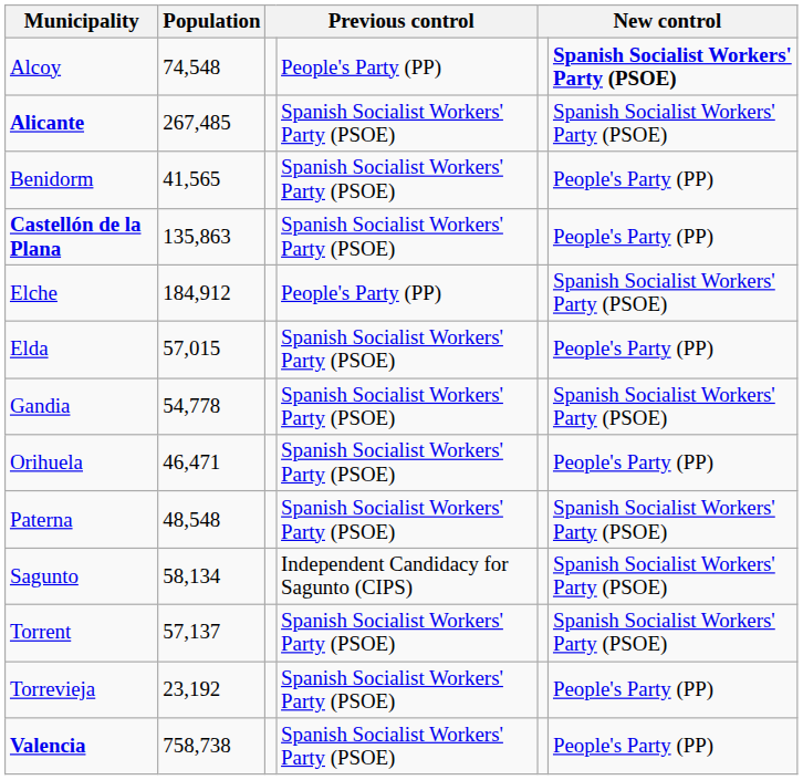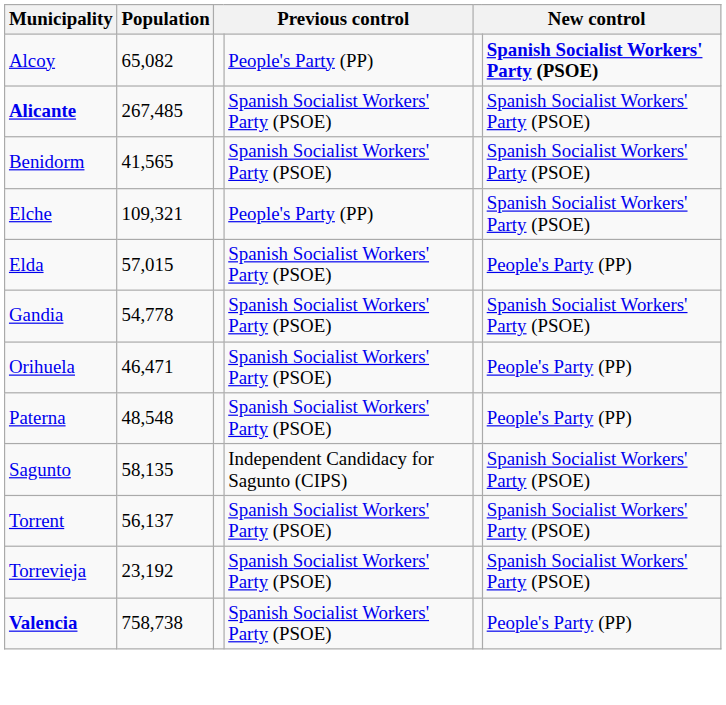 <table class="wikitable sortable">
 <tr>
 <th>Municipality</th>
 <th>Population</th>
 <th colspan="2" style="width:375px;">Previous control</th>
 <th colspan="2" style="width:375px;">New control</th>
 </tr>
 <tr>
 <td><a href='#'>Alcoy</a></td>
-<td>74,548</td>
+<td>65,082</td>
 <td width="1" style="color:inherit;background:"></td>
 <td><a href='#'>People's Party</a> (PP)</td>
 <td width="1" style="color:inherit;background:"></td>
 <td><strong><a href='#'>Spanish Socialist Workers' Party</a> (PSOE)</strong></td>
 </tr>
 <tr>
 <td><strong><a href='#'>Alicante</a></strong></td>
 <td>267,485</td>
 <td style="color:inherit;background:"></td>
 <td><a href='#'>Spanish Socialist Workers' Party</a> (PSOE)</td>
 <td style="color:inherit;background:"></td>
 <td><a href='#'>Spanish Socialist Workers' Party</a> (PSOE)</td>
 </tr>
 <tr>
 <td><a href='#'>Benidorm</a></td>
 <td>41,565</td>
 <td style="color:inherit;background:"></td>
 <td><a href='#'>Spanish Socialist Workers' Party</a> (PSOE)</td>
 <td style="color:inherit;background:"></td>
-<td><a href='#'>People's Party</a> (PP)</td>
-</tr>
-<tr>
-<td><strong><a href='#'>Castellón de la Plana</a></strong></td>
-<td>135,863</td>
-<td style="color:inherit;background:"></td>
-<td><a href='#'>Spanish Socialist Workers' Party</a> (PSOE)</td>
-<td style="color:inherit;background:"></td>
-<td><a href='#'>People's Party</a> (PP)</td>
+<td><a href='#'>Spanish Socialist Workers' Party</a> (PSOE) </td>
 </tr>
 <tr>
 <td><a href='#'>Elche</a></td>
-<td>184,912</td>
+<td>109,321</td>
 <td style="color:inherit;background:"></td>
 <td><a href='#'>People's Party</a> (PP)</td>
 <td style="color:inherit;background:"></td>
 <td><a href='#'>Spanish Socialist Workers' Party</a> (PSOE)</td>
 </tr>
 <tr>
 <td><a href='#'>Elda</a></td>
 <td>57,015</td>
 <td style="color:inherit;background:"></td>
 <td><a href='#'>Spanish Socialist Workers' Party</a> (PSOE)</td>
 <td style="color:inherit;background:"></td>
 <td><a href='#'>People's Party</a> (PP)</td>
 </tr>
 <tr>
 <td><a href='#'>Gandia</a></td>
 <td>54,778</td>
 <td style="color:inherit;background:"></td>
 <td><a href='#'>Spanish Socialist Workers' Party</a> (PSOE)</td>
 <td style="color:inherit;background:"></td>
 <td><a href='#'>Spanish Socialist Workers' Party</a> (PSOE)</td>
 </tr>
 <tr>
 <td><a href='#'>Orihuela</a></td>
 <td>46,471</td>
 <td style="color:inherit;background:"></td>
 <td><a href='#'>Spanish Socialist Workers' Party</a> (PSOE)</td>
 <td style="color:inherit;background:"></td>
 <td><a href='#'>People's Party</a> (PP)</td>
 </tr>
 <tr>
 <td><a href='#'>Paterna</a></td>
 <td>48,548</td>
 <td style="color:inherit;background:"></td>
 <td><a href='#'>Spanish Socialist Workers' Party</a> (PSOE)</td>
 <td style="color:inherit;background:"></td>
-<td><a href='#'>Spanish Socialist Workers' Party</a> (PSOE)</td>
+<td><a href='#'>People's Party</a> (PP)</td>
 </tr>
 <tr>
 <td><a href='#'>Sagunto</a></td>
-<td>58,134</td>
+<td>58,135</td>
 <td style="color:inherit;background:"></td>
 <td>Independent Candidacy for Sagunto (CIPS)</td>
 <td style="color:inherit;background:"></td>
 <td><a href='#'>Spanish Socialist Workers' Party</a> (PSOE)</td>
 </tr>
 <tr>
 <td><a href='#'>Torrent</a></td>
-<td>57,137</td>
+<td>56,137</td>
 <td style="color:inherit;background:"></td>
 <td><a href='#'>Spanish Socialist Workers' Party</a> (PSOE)</td>
 <td style="color:inherit;background:"></td>
 <td><a href='#'>Spanish Socialist Workers' Party</a> (PSOE)</td>
 </tr>
 <tr>
 <td><a href='#'>Torrevieja</a></td>
 <td>23,192</td>
 <td style="color:inherit;background:"></td>
 <td><a href='#'>Spanish Socialist Workers' Party</a> (PSOE)</td>
 <td style="color:inherit;background:"></td>
-<td><a href='#'>People's Party</a> (PP)</td>
+<td><a href='#'>Spanish Socialist Workers' Party</a> (PSOE)</td>
 </tr>
 <tr>
 <td><strong><a href='#'>Valencia</a></strong></td>
 <td>758,738</td>
 <td style="color:inherit;background:"></td>
 <td><a href='#'>Spanish Socialist Workers' Party</a> (PSOE)</td>
 <td style="color:inherit;background:"></td>
 <td><a href='#'>People's Party</a> (PP)</td>
 </tr>
 </table>
